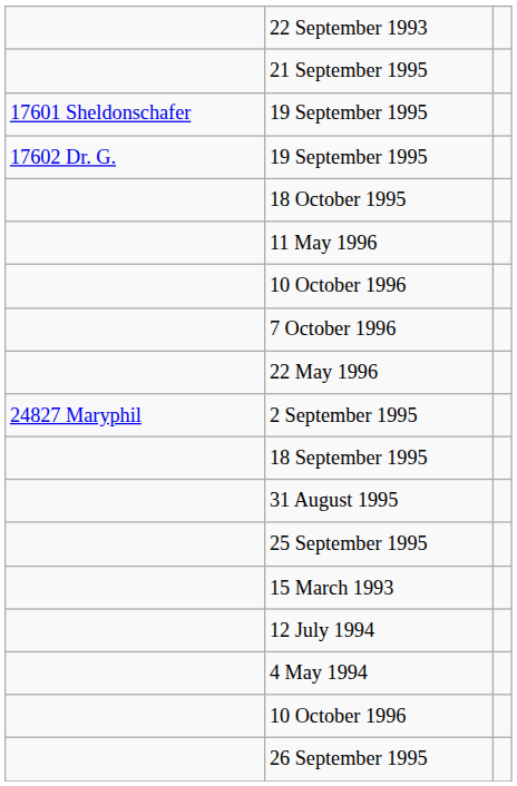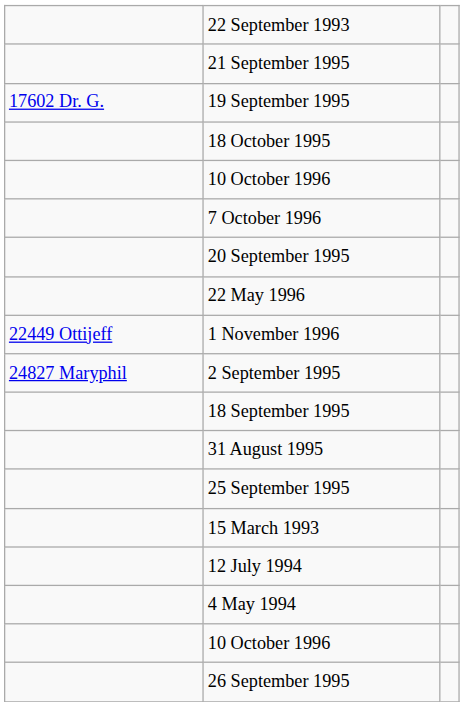 <table class="wikitable" style="font-size: 89%; float: left; width: 25em; margin-right: 1em; line-height: 1.65em !important; height: 540px;">
 <tr>
 <td></td>
 <td>22 September 1993</td>
 <td></td>
 </tr>
 <tr>
 <td></td>
 <td>21 September 1995</td>
-<td></td>
-</tr>
-<tr>
-<td><a href='#'>17601 Sheldonschafer</a></td>
-<td>19 September 1995</td>
 <td></td>
 </tr>
 <tr>
 <td><a href='#'>17602 Dr. G.</a></td>
 <td>19 September 1995</td>
 <td></td>
 </tr>
 <tr>
 <td></td>
 <td>18 October 1995</td>
 <td></td>
 </tr>
 <tr>
 <td></td>
-<td>11 May 1996</td>
-<td></td>
-</tr>
-<tr>
-<td></td>
 <td>10 October 1996</td>
 <td></td>
 </tr>
 <tr>
 <td></td>
 <td>7 October 1996</td>
 <td></td>
 </tr>
 <tr>
 <td></td>
+<td>20 September 1995</td>
+<td></td>
+</tr>
+<tr>
+<td></td>
 <td>22 May 1996</td>
+<td></td>
+</tr>
+<tr>
+<td><a href='#'>22449 Ottijeff</a></td>
+<td>1 November 1996</td>
 <td></td>
 </tr>
 <tr>
 <td><a href='#'>24827 Maryphil</a></td>
 <td>2 September 1995</td>
 <td></td>
 </tr>
 <tr>
 <td></td>
 <td>18 September 1995</td>
 <td></td>
 </tr>
 <tr>
 <td></td>
 <td>31 August 1995</td>
 <td></td>
 </tr>
 <tr>
 <td></td>
 <td>25 September 1995</td>
 <td></td>
 </tr>
 <tr>
 <td></td>
 <td>15 March 1993</td>
 <td></td>
 </tr>
 <tr>
 <td></td>
 <td>12 July 1994</td>
 <td></td>
 </tr>
 <tr>
 <td></td>
 <td>4 May 1994</td>
 <td> </td>
 </tr>
 <tr>
 <td></td>
 <td>10 October 1996</td>
 <td></td>
 </tr>
 <tr>
 <td></td>
 <td>26 September 1995</td>
 <td></td>
 </tr>
 </table>
